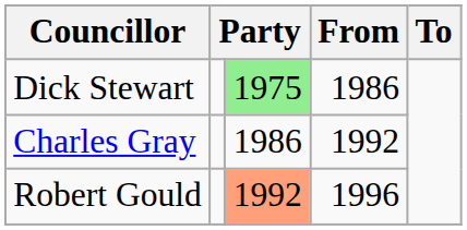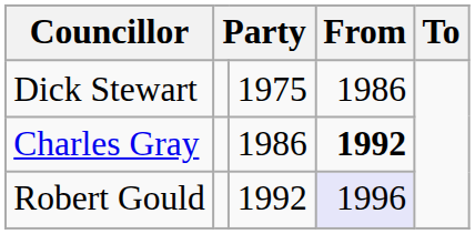 <table class=wikitable>
 <tr>
 <th>Councillor</th>
 <th colspan=2>Party</th>
 <th>From</th>
 <th>To</th>
 </tr>
 <tr>
 <td>Dick Stewart</td>
 <td></td>
-<td align=right style="background: lightgreen;">1975</td>
+<td align=right>1975</td>
 <td align=right>1986</td>
 </tr>
 <tr>
 <td><a href='#'>Charles Gray</a></td>
 <td></td>
 <td align=right>1986</td>
-<td align=right>1992</td>
+<td align=right><strong>1992</strong></td>
 </tr>
 <tr>
 <td>Robert Gould</td>
 <td></td>
-<td align=right style="background: lightsalmon;">1992</td>
-<td align=right>1996</td>
+<td align=right>1992</td>
+<td align=right style="background: lavender;">1996</td>
 </tr>
 </table>
